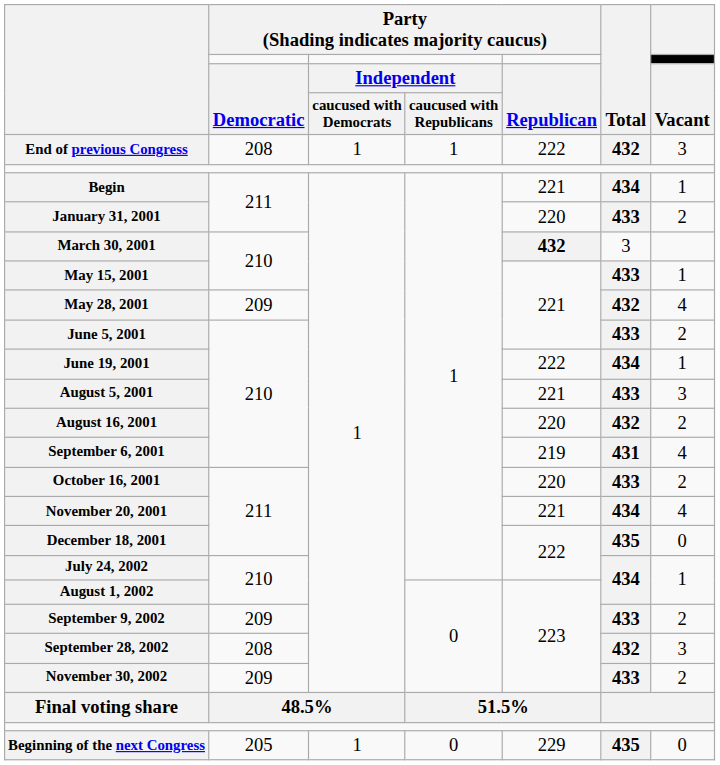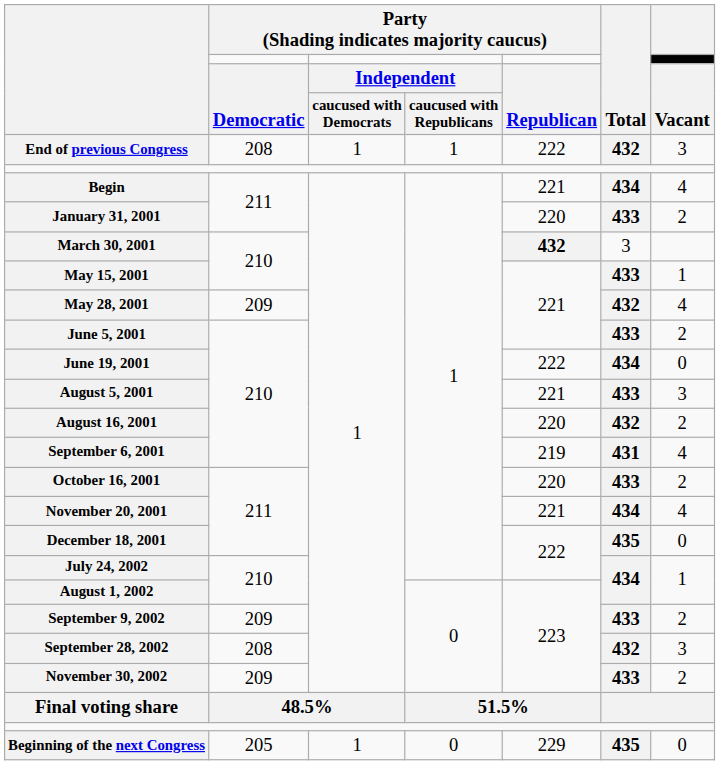 <table class=wikitable style="text-align:center">
 <tr style="vertical-align:bottom;">
 <th rowspan=4> </th>
 <th colspan=4>Party <div>(Shading indicates majority caucus)</div></th>
 <th rowspan=4>Total</th>
 <th> </th>
 </tr>
 <tr style="height:5px; vertical-align:bottom;">
 <td style="background-color:"></td>
 <td colspan=2 style="background-color:"></td>
 <td style="background-color:"></td>
 <td style="background-color:black"></td>
 </tr>
 <tr style="vertical-align:bottom;">
 <th rowspan=2><a href='#'>Democratic</a></th>
 <th colspan=2><a href='#'>Independent</a></th>
 <th rowspan=2><a href='#'>Republican</a></th>
 <th rowspan=2>Vacant</th>
 </tr>
 <tr style="vertical-align:bottom; font-size:80%">
 <th>caucused with<br>Democrats</th>
 <th>caucused with<br>Republicans</th>
 </tr>
 <tr>
 <th nowrap style="font-size:80%">End of <a href='#'>previous Congress</a></th>
 <td>208</td>
 <td>1</td>
 <td>1</td>
 <td>222</td>
 <th>432</th>
 <td>3</td>
 </tr>
 <tr>
 <td colspan=7></td>
 </tr>
 <tr>
 <th style="font-size:80%">Begin</th>
 <td rowspan=2>211</td>
 <td rowspan=18>1</td>
 <td rowspan=14 >1</td>
 <td>221</td>
 <th>434</th>
-<td>1</td>
+<td>4</td>
 </tr>
 <tr>
 <th style="font-size:80%" nowrap>January 31, 2001</th>
 <td>220</td>
 <th>433</th>
 <td>2</td>
 </tr>
 <tr>
 <th style="font-size:80%">March 30, 2001</th>
 <td rowspan=2>210</td>
 <th>432</th>
 <td>3</td>
 </tr>
 <tr>
 <th style="font-size:80%">May 15, 2001</th>
 <td rowspan=3 >221</td>
 <th>433</th>
 <td>1</td>
 </tr>
 <tr>
 <th style="font-size:80%">May 28, 2001</th>
 <td>209</td>
 <th>432</th>
 <td>4</td>
 </tr>
 <tr>
 <th style="font-size:80%">June 5, 2001</th>
 <td rowspan=5>210</td>
 <th>433</th>
 <td>2</td>
 </tr>
 <tr>
 <th style="font-size:80%">June 19, 2001</th>
 <td>222</td>
 <th>434</th>
-<td>1</td>
+<td>0</td>
 </tr>
 <tr>
 <th style="font-size:80%">August 5, 2001</th>
 <td>221</td>
 <th>433</th>
 <td>3</td>
 </tr>
 <tr>
 <th style="font-size:80%">August 16, 2001</th>
 <td>220</td>
 <th>432</th>
 <td>2</td>
 </tr>
 <tr>
 <th style="font-size:80%" nowrap>September 6, 2001</th>
 <td>219</td>
 <th>431</th>
 <td>4</td>
 </tr>
 <tr>
 <th style="font-size:80%" nowrap>October 16, 2001</th>
 <td rowspan=3>211</td>
 <td>220</td>
 <th>433</th>
 <td>2</td>
 </tr>
 <tr>
 <th style="font-size:80%" nowrap>November 20, 2001</th>
 <td>221</td>
 <th>434</th>
 <td>4</td>
 </tr>
 <tr>
 <th style="font-size:80%" nowrap>December 18, 2001</th>
 <td rowspan=2 >222</td>
 <th>435</th>
 <td>0</td>
 </tr>
 <tr>
 <th style="font-size:80%" nowrap>July 24, 2002</th>
 <td rowspan=2>210</td>
 <th rowspan=2>434</th>
 <td rowspan=2>1</td>
 </tr>
 <tr>
 <th style="font-size:80%" nowrap>August 1, 2002</th>
 <td rowspan=4>0</td>
 <td rowspan=4 >223</td>
 </tr>
 <tr>
 <th style="font-size:80%" nowrap>September 9, 2002</th>
 <td>209</td>
 <th>433</th>
 <td>2</td>
 </tr>
 <tr>
 <th style="font-size:80%" nowrap>September 28, 2002</th>
 <td>208</td>
 <th>432</th>
 <td>3</td>
 </tr>
 <tr>
 <th style="font-size:80%" nowrap>November 30, 2002</th>
 <td>209</td>
 <th>433</th>
 <td>2</td>
 </tr>
 <tr>
 <th>Final voting share</th>
 <th colspan=2>48.5%</th>
 <th colspan=2 >51.5%</th>
 <th colspan=2> </th>
 </tr>
 <tr>
 <td colspan=7></td>
 </tr>
 <tr>
 <th nowrap style="font-size:80%">Beginning of the <a href='#'>next Congress</a></th>
 <td>205</td>
 <td>1</td>
 <td>0</td>
 <td>229</td>
 <th>435</th>
 <td>0</td>
 </tr>
 </table>
